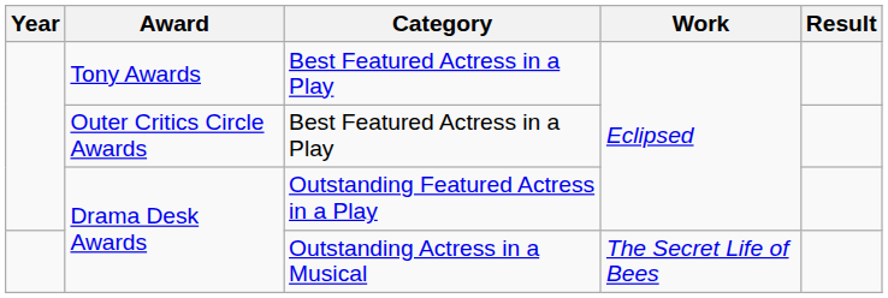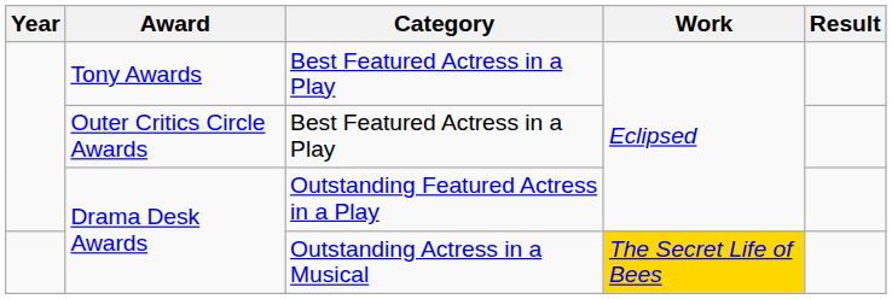 <table class="wikitable sortable">
 <tr>
 <th>Year</th>
 <th>Award</th>
 <th>Category</th>
 <th>Work</th>
 <th>Result</th>
 </tr>
 <tr>
 <td rowspan="3"></td>
 <td><a href='#'>Tony Awards</a></td>
 <td><a href='#'>Best Featured Actress in a Play</a></td>
 <td rowspan="3"><em><a href='#'>Eclipsed</a></em></td>
 <td></td>
 </tr>
 <tr>
 <td><a href='#'>Outer Critics Circle Awards</a></td>
 <td>Best Featured Actress in a Play</td>
 <td></td>
 </tr>
 <tr>
 <td rowspan="2"><a href='#'>Drama Desk Awards</a></td>
 <td><a href='#'>Outstanding Featured Actress in a Play</a></td>
 <td></td>
 </tr>
 <tr>
 <td></td>
 <td><a href='#'>Outstanding Actress in a Musical</a></td>
-<td><em><a href='#'>The Secret Life of Bees</a></em></td>
+<td style="background: gold;"><em><a href='#'>The Secret Life of Bees</a></em></td>
 <td></td>
 </tr>
 </table>
